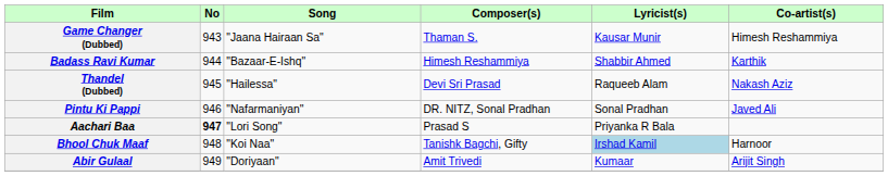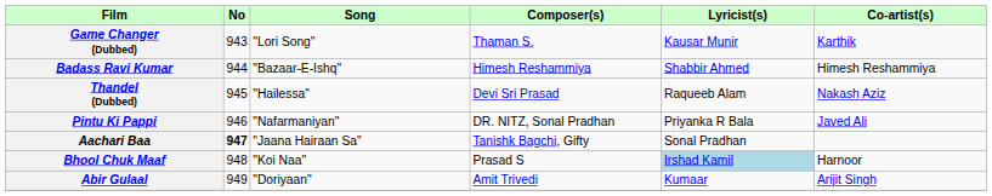 <table class="wikitable plainrowheaders" style="width:100%; textcolor:#000">
 <tr style="background:#cfc; text-align:center;">
 <td scope="col" style="width:23%;"><strong>Film</strong></td>
 <td><strong>No</strong></td>
 <td scope="col" style="width:23%;"><strong>Song</strong></td>
 <td scope="col" style="width:20%;"><strong>Composer(s)</strong></td>
 <td scope="col" style="width:16%;"><strong>Lyricist(s)</strong></td>
 <td scope="col" style="width:18%;"><strong>Co-artist(s)</strong></td>
 </tr>
 <tr>
 <th scope="row"><em><a href='#'>Game Changer</a></em> <br><small>(Dubbed)</small></th>
 <td>943</td>
-<td>"Jaana Hairaan Sa"</td>
+<td>"Lori Song"</td>
 <td><a href='#'>Thaman S.</a></td>
 <td><a href='#'>Kausar Munir</a></td>
-<td>Himesh Reshammiya</td>
+<td><a href='#'>Karthik</a></td>
 </tr>
 <tr>
 <th scope="row"><em><a href='#'>Badass Ravi Kumar</a></em></th>
 <td>944</td>
 <td>"Bazaar-E-Ishq"</td>
 <td><a href='#'>Himesh Reshammiya</a></td>
 <td><a href='#'>Shabbir Ahmed</a></td>
-<td><a href='#'>Karthik</a></td>
+<td>Himesh Reshammiya</td>
 </tr>
 <tr>
 <th scope="row"><em><a href='#'>Thandel</a></em> <br><small>(Dubbed)</small></th>
 <td>945</td>
 <td>"Hailessa"</td>
 <td><a href='#'>Devi Sri Prasad</a></td>
 <td>Raqueeb Alam</td>
 <td><a href='#'>Nakash Aziz</a></td>
 </tr>
 <tr>
 <th scope="row"><em><a href='#'>Pintu Ki Pappi</a></em></th>
 <td>946</td>
 <td>"Nafarmaniyan"</td>
 <td>DR. NITZ, Sonal Pradhan</td>
-<td>Sonal Pradhan</td>
+<td>Priyanka R Bala</td>
 <td><a href='#'>Javed Ali</a></td>
 </tr>
 <tr>
 <th scope="row"><em>Aachari Baa</em></th>
 <td><strong>947</strong></td>
-<td>"Lori Song"</td>
-<td>Prasad S</td>
-<td>Priyanka R Bala</td>
+<td>"Jaana Hairaan Sa"</td>
+<td><a href='#'>Tanishk Bagchi</a>, Gifty</td>
+<td>Sonal Pradhan</td>
 <td></td>
 </tr>
 <tr>
 <th scope="row"><em><a href='#'>Bhool Chuk Maaf</a></em></th>
 <td>948</td>
 <td>"Koi Naa"</td>
-<td><a href='#'>Tanishk Bagchi</a>, Gifty</td>
+<td>Prasad S</td>
 <td style="background: lightblue;"><a href='#'>Irshad Kamil</a></td>
 <td>Harnoor</td>
 </tr>
 <tr>
 <th scope="row"><em><a href='#'>Abir Gulaal</a></em></th>
 <td>949</td>
 <td>"Doriyaan"</td>
 <td><a href='#'>Amit Trivedi</a></td>
 <td><a href='#'>Kumaar</a></td>
 <td><a href='#'>Arijit Singh</a></td>
 </tr>
 <tr>
 </tr>
 </table>
